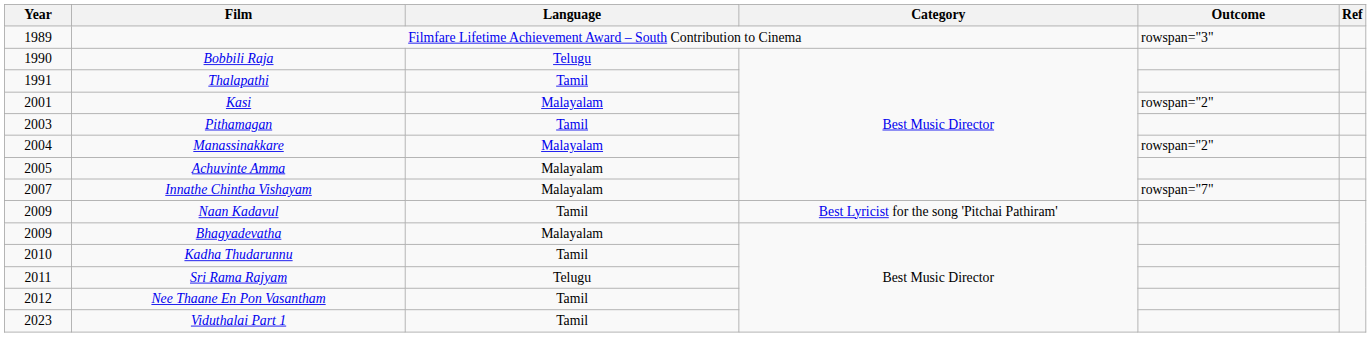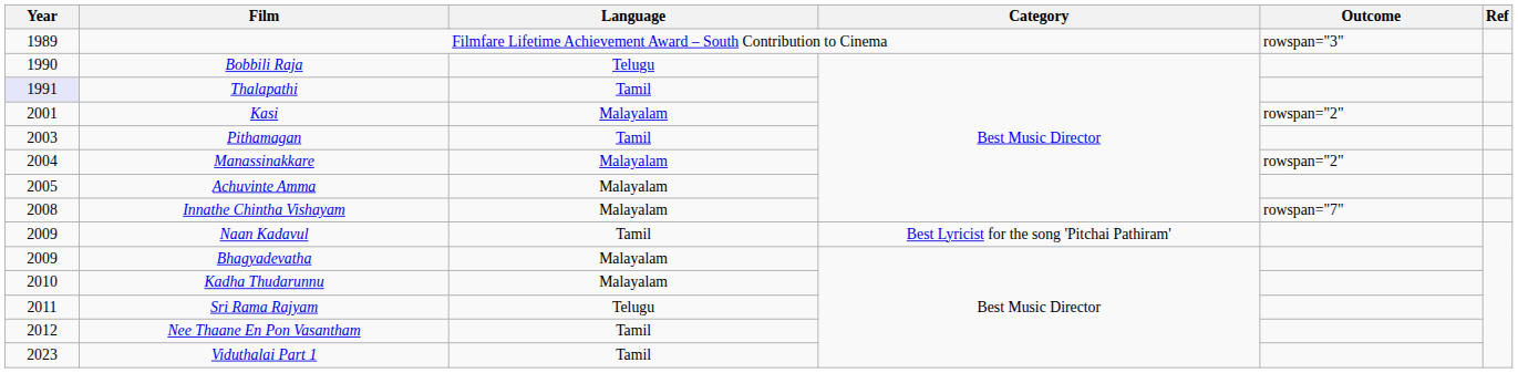 <table class="wikitable" style="width:100%;">
 <tr>
 <th width=5%>Year</th>
 <th style="width:25%;">Film</th>
 <th style="width:25%;">Language</th>
 <th style="width:30%;">Category</th>
 <th style="width:15%;">Outcome</th>
 <th style="width:10%;">Ref</th>
 </tr>
 <tr>
 <td style="text-align:center;">1989</td>
 <td colspan="3" style="text-align:center;"><a href='#'>Filmfare Lifetime Achievement Award&nbsp;– South</a> Contribution to Cinema</td>
 <td>rowspan="3" </td>
 <td></td>
 </tr>
 <tr>
 <td style="text-align:center;">1990</td>
 <td style="text-align:center;"><em><a href='#'>Bobbili Raja</a></em></td>
 <td style="text-align:center;"><a href='#'>Telugu</a></td>
 <td rowspan="7" style="text-align:center;"><a href='#'>Best Music Director</a></td>
 <td></td>
 </tr>
 <tr>
-<td style="text-align:center;">1991</td>
+<td style="background: lavender; text-align:center;">1991</td>
 <td style="text-align:center;"><em><a href='#'>Thalapathi</a></em></td>
 <td style="text-align:center;"><a href='#'>Tamil</a></td>
 <td></td>
 </tr>
 <tr>
 <td style="text-align:center;">2001</td>
 <td style="text-align:center;"><em><a href='#'>Kasi</a></em></td>
 <td style="text-align:center;"><a href='#'>Malayalam</a></td>
 <td>rowspan="2" </td>
 <td></td>
 </tr>
 <tr>
 <td style="text-align:center;">2003</td>
 <td style="text-align:center;"><em><a href='#'>Pithamagan</a></em></td>
 <td style="text-align:center;"><a href='#'>Tamil</a></td>
 <td></td>
 </tr>
 <tr>
 <td style="text-align:center;">2004</td>
 <td style="text-align:center;"><em><a href='#'>Manassinakkare</a></em></td>
 <td style="text-align:center;"><a href='#'>Malayalam</a></td>
 <td>rowspan="2" </td>
 <td></td>
 </tr>
 <tr>
 <td style="text-align:center;">2005</td>
 <td style="text-align:center;"><em><a href='#'>Achuvinte Amma</a></em></td>
 <td style="text-align:center;">Malayalam</td>
 <td></td>
 </tr>
 <tr>
-<td style="text-align:center;">2007</td>
+<td style="text-align:center;">2008</td>
 <td style="text-align:center;"><em><a href='#'>Innathe Chintha Vishayam</a></em></td>
 <td style="text-align:center;">Malayalam</td>
 <td>rowspan="7" </td>
 <td></td>
 </tr>
 <tr>
 <td style="text-align:center;">2009</td>
 <td style="text-align:center;"><em><a href='#'>Naan Kadavul</a></em></td>
 <td style="text-align:center;">Tamil</td>
 <td style="text-align:center;"><a href='#'>Best Lyricist</a> for the song 'Pitchai Pathiram'</td>
 <td></td>
 </tr>
 <tr>
 <td style="text-align:center;">2009</td>
 <td style="text-align:center;"><em><a href='#'>Bhagyadevatha</a></em></td>
 <td style="text-align:center;">Malayalam</td>
 <td rowspan="5" style="text-align:center;">Best Music Director</td>
 <td></td>
 </tr>
 <tr>
 <td style="text-align:center;">2010</td>
 <td style="text-align:center;"><em><a href='#'>Kadha Thudarunnu</a></em></td>
-<td style="text-align:center;">Tamil</td>
+<td style="text-align:center;">Malayalam</td>
 <td></td>
 </tr>
 <tr>
 <td style="text-align:center;">2011</td>
 <td style="text-align:center;"><em><a href='#'>Sri Rama Rajyam</a></em></td>
 <td style="text-align:center;">Telugu</td>
 <td></td>
 </tr>
 <tr>
 <td style="text-align:center;">2012</td>
 <td style="text-align:center;"><em><a href='#'>Nee Thaane En Pon Vasantham</a></em></td>
 <td style="text-align:center;">Tamil</td>
 <td></td>
 </tr>
 <tr>
 <td style="text-align:center;">2023</td>
 <td style="text-align:center;"><em><a href='#'>Viduthalai Part 1</a></em></td>
 <td style="text-align:center;">Tamil</td>
 <td></td>
 </tr>
 </table>
